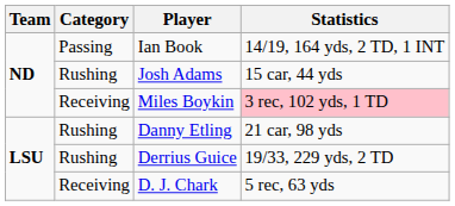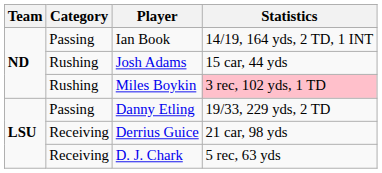 <table class="wikitable">
 <tr>
 <th>Team</th>
 <th>Category</th>
 <th>Player</th>
 <th>Statistics</th>
 </tr>
 <tr>
 <td rowspan=3><strong>ND</strong></td>
 <td>Passing</td>
 <td>Ian Book</td>
 <td>14/19, 164 yds, 2 TD, 1 INT</td>
 </tr>
 <tr>
 <td>Rushing</td>
 <td><a href='#'>Josh Adams</a></td>
 <td>15 car, 44 yds</td>
 </tr>
 <tr>
-<td>Receiving</td>
+<td>Rushing</td>
 <td><a href='#'>Miles Boykin</a></td>
 <td style="background: pink;">3 rec, 102 yds, 1 TD</td>
 </tr>
 <tr>
 <td rowspan=3><strong>LSU</strong></td>
-<td>Rushing</td>
+<td>Passing</td>
 <td><a href='#'>Danny Etling</a></td>
-<td>21 car, 98 yds</td>
+<td>19/33, 229 yds, 2 TD</td>
 </tr>
 <tr>
-<td>Rushing</td>
+<td>Receiving</td>
 <td><a href='#'>Derrius Guice</a></td>
-<td>19/33, 229 yds, 2 TD</td>
+<td>21 car, 98 yds</td>
 </tr>
 <tr>
 <td>Receiving</td>
 <td><a href='#'>D. J. Chark</a></td>
 <td>5 rec, 63 yds</td>
 </tr>
 </table>
